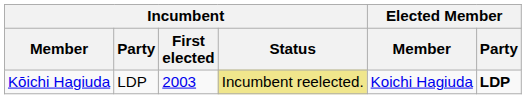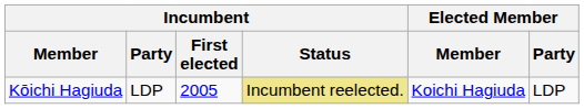 <table class="wikitable sortable">
 <tr>
 <th colspan=4>Incumbent</th>
 <th colspan=2>Elected Member</th>
 </tr>
 <tr>
 <th>Member</th>
 <th>Party</th>
 <th>First<br>elected</th>
 <th>Status</th>
 <th>Member</th>
 <th>Party</th>
 </tr>
 <tr>
 <td><a href='#'>Kōichi Hagiuda</a></td>
 <td>LDP</td>
-<td><a href='#'>2003</a></td>
+<td><a href='#'>2005</a></td>
 <td style="background: khaki;">Incumbent reelected.</td>
 <td><a href='#'>Koichi Hagiuda</a></td>
-<td><strong>LDP</strong></td>
+<td>LDP</td>
 </tr>
 </table>
